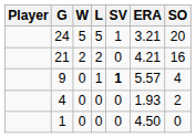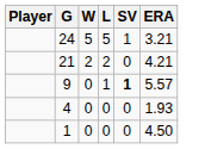 <table class="wikitable sortable" style="text-align:center;">
 <tr>
 <th>Player</th>
 <th>G</th>
 <th>W</th>
 <th>L</th>
 <th>SV</th>
 <th>ERA</th>
-<th>SO</th>
 </tr>
 <tr>
 <td></td>
 <td>24</td>
 <td>5</td>
 <td>5</td>
 <td>1</td>
 <td>3.21</td>
-<td>20</td>
 </tr>
 <tr>
 <td></td>
 <td>21</td>
 <td>2</td>
 <td>2</td>
 <td>0</td>
 <td>4.21</td>
-<td>16</td>
 </tr>
 <tr>
 <td></td>
 <td>9</td>
 <td>0</td>
 <td>1</td>
 <td><strong>1</strong></td>
 <td>5.57</td>
-<td>4</td>
 </tr>
 <tr>
 <td></td>
 <td>4</td>
 <td>0</td>
 <td>0</td>
 <td>0</td>
 <td>1.93</td>
-<td>2</td>
 </tr>
 <tr>
 <td></td>
 <td>1</td>
 <td>0</td>
 <td>0</td>
 <td>0</td>
 <td>4.50</td>
-<td>0</td>
 </tr>
 </table>
